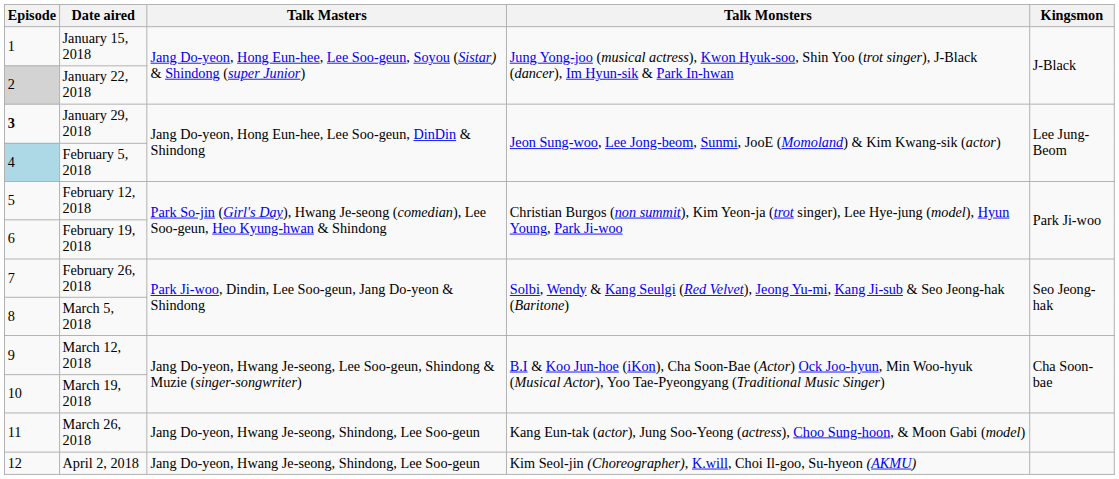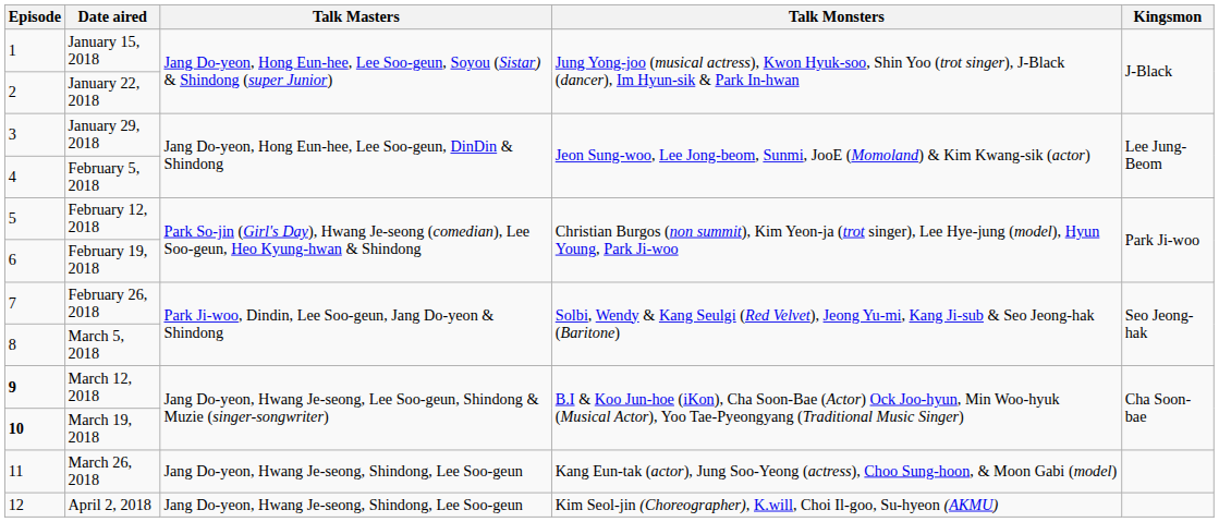 <table class="wikitable">
 <tr>
 <th>Episode</th>
 <th>Date aired</th>
 <th>Talk Masters</th>
 <th>Talk Monsters</th>
 <th>Kingsmon</th>
 </tr>
 <tr>
 <td>1</td>
 <td>January 15, 2018</td>
 <td rowspan="2"><a href='#'>Jang Do-yeon</a>, <a href='#'>Hong Eun-hee</a>, <a href='#'>Lee Soo-geun</a>, <a href='#'>Soyou</a> (<em><a href='#'>Sistar</a>)</em> & <a href='#'>Shindong</a> (<em><a href='#'>super Junior</a></em>)</td>
 <td rowspan="2"><a href='#'>Jung Yong-joo</a> (<em>musical actress</em>), <a href='#'>Kwon Hyuk-soo</a>, Shin Yoo (<em>trot singer</em>), J-Black (<em>dancer</em>), <a href='#'>Im Hyun-sik</a> & <a href='#'>Park In-hwan</a></td>
 <td rowspan="2">J-Black</td>
 </tr>
 <tr>
-<td style="background: lightgrey;">2</td>
+<td>2</td>
 <td>January 22, 2018</td>
 </tr>
 <tr>
-<td><strong>3</strong></td>
+<td>3</td>
 <td>January 29, 2018</td>
 <td rowspan="2">Jang Do-yeon, Hong Eun-hee,  Lee Soo-geun, <a href='#'>DinDin</a> & Shindong</td>
 <td rowspan="2"><a href='#'>Jeon Sung-woo</a>, <a href='#'>Lee Jong-beom</a>, <a href='#'>Sunmi</a>,  JooE (<em><a href='#'>Momoland</a></em>) & Kim Kwang-sik (<em>actor</em>)</td>
 <td rowspan="2">Lee Jung-Beom</td>
 </tr>
 <tr>
-<td style="background: lightblue;">4</td>
+<td>4</td>
 <td>February 5, 2018</td>
 </tr>
 <tr>
 <td>5</td>
 <td>February 12, 2018</td>
 <td rowspan="2"><a href='#'>Park So-jin</a> (<em><a href='#'>Girl's Day</a></em>), Hwang Je-seong (<em>comedian</em>), Lee Soo-geun, <a href='#'>Heo Kyung-hwan</a> & Shindong</td>
 <td rowspan="2">Christian Burgos (<a href='#'><em>non summit</em></a>), Kim Yeon-ja (<a href='#'><em>trot</em></a> singer), Lee Hye-jung (<em>model</em>), <a href='#'>Hyun Young</a>, <a href='#'>Park Ji-woo</a></td>
 <td rowspan="2">Park Ji-woo</td>
 </tr>
 <tr>
 <td>6</td>
 <td>February 19, 2018</td>
 </tr>
 <tr>
 <td>7</td>
 <td>February 26, 2018</td>
 <td rowspan="2"><a href='#'>Park Ji-woo</a>, Dindin, Lee Soo-geun, Jang Do-yeon & Shindong</td>
 <td rowspan="2"><a href='#'>Solbi</a>, <a href='#'>Wendy</a> & <a href='#'>Kang Seulgi</a> (<a href='#'><em>Red Velvet</em></a>), <a href='#'>Jeong Yu-mi</a>, <a href='#'>Kang Ji-sub</a> &  Seo Jeong-hak (<em>Baritone</em>)</td>
 <td rowspan="2">Seo Jeong-hak</td>
 </tr>
 <tr>
 <td>8</td>
 <td>March 5, 2018</td>
 </tr>
 <tr>
-<td>9</td>
+<td><strong>9</strong></td>
 <td>March 12, 2018</td>
 <td rowspan="2">Jang Do-yeon, Hwang Je-seong, Lee Soo-geun, Shindong & Muzie (<em>singer-songwriter</em>)</td>
 <td rowspan="2"><a href='#'>B.I</a> & <a href='#'>Koo Jun-hoe</a>  (<a href='#'>iKon</a>), Cha Soon-Bae (<em>Actor</em>) <a href='#'>Ock Joo-hyun</a>,  Min Woo-hyuk (<em>Musical Actor</em>), Yoo Tae-Pyeongyang (<em>Traditional Music Singer</em>)</td>
 <td rowspan="2">Cha Soon-bae</td>
 </tr>
 <tr>
-<td>10</td>
+<td><strong>10</strong></td>
 <td>March 19, 2018</td>
 </tr>
 <tr>
 <td>11</td>
 <td>March 26, 2018</td>
 <td>Jang Do-yeon, Hwang Je-seong, Shindong, Lee Soo-geun</td>
 <td>Kang Eun-tak (<em>actor</em>), Jung Soo-Yeong (<em>actress</em>), <a href='#'>Choo Sung-hoon</a>, & Moon Gabi (<em>model</em>)</td>
 <td></td>
 </tr>
 <tr>
 <td>12</td>
 <td>April 2, 2018</td>
 <td>Jang Do-yeon, Hwang Je-seong, Shindong, Lee Soo-geun</td>
 <td>Kim Seol-jin <em>(Choreographer)</em>,  <a href='#'>K.will</a>, Choi Il-goo, Su-hyeon <em>(<a href='#'>AKMU</a>)</em></td>
 <td></td>
 </tr>
 </table>
